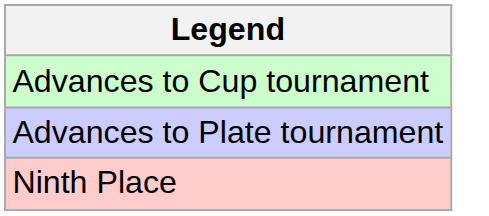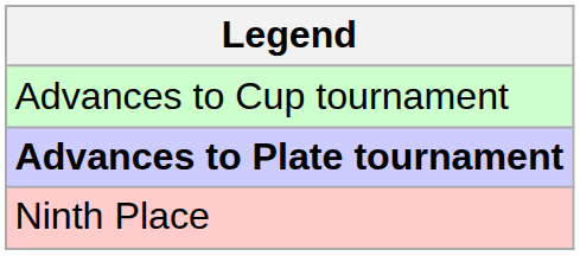 <table class="wikitable">
 <tr>
 <th>Legend</th>
 </tr>
 <tr bgcolor=ccffcc>
 <td>Advances to Cup tournament</td>
 </tr>
 <tr bgcolor=ccccff>
-<td>Advances to Plate tournament</td>
+<td><strong>Advances to Plate tournament</strong></td>
 </tr>
 <tr bgcolor=ffcccc>
 <td>Ninth Place</td>
 </tr>
 </table>
